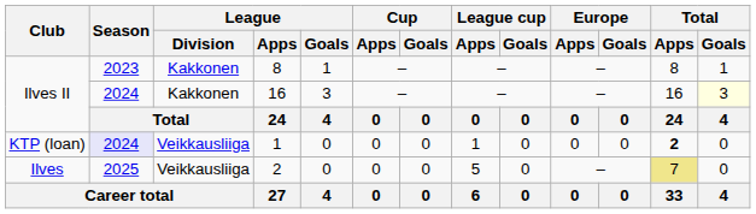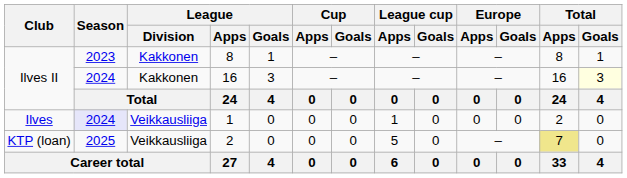 <table class="wikitable" style="text-align:center">
 <tr>
 <th rowspan="2">Club</th>
 <th rowspan="2">Season</th>
 <th colspan="3">League</th>
 <th colspan="2">Cup</th>
 <th colspan="2">League cup</th>
 <th colspan="2">Europe</th>
 <th colspan="2">Total</th>
 </tr>
 <tr>
 <th>Division</th>
 <th>Apps</th>
 <th>Goals</th>
 <th>Apps</th>
 <th>Goals</th>
 <th>Apps</th>
 <th>Goals</th>
 <th>Apps</th>
 <th>Goals</th>
 <th>Apps</th>
 <th>Goals</th>
 </tr>
 <tr>
 <td rowspan=3>Ilves II</td>
 <td><a href='#'>2023</a></td>
 <td><a href='#'>Kakkonen</a></td>
 <td>8</td>
 <td>1</td>
 <td colspan=2>–</td>
 <td colspan=2>–</td>
 <td colspan=2>–</td>
 <td>8</td>
 <td>1</td>
 </tr>
 <tr>
 <td><a href='#'>2024</a></td>
 <td>Kakkonen</td>
 <td>16</td>
 <td>3</td>
 <td colspan=2>–</td>
 <td colspan=2>–</td>
 <td colspan=2>–</td>
 <td>16</td>
 <td style="background: lightyellow;">3</td>
 </tr>
 <tr>
 <th colspan=2>Total</th>
 <th>24</th>
 <th>4</th>
 <th>0</th>
 <th>0</th>
 <th>0</th>
 <th>0</th>
 <th>0</th>
 <th>0</th>
 <th>24</th>
 <th>4</th>
 </tr>
 <tr>
-<td><a href='#'>KTP</a> (loan)</td>
+<td><a href='#'>Ilves</a></td>
 <td style="background: lavender;"><a href='#'>2024</a></td>
 <td><a href='#'>Veikkausliiga</a></td>
 <td>1</td>
 <td>0</td>
 <td>0</td>
 <td>0</td>
 <td>1</td>
 <td>0</td>
 <td>0</td>
 <td>0</td>
-<td><strong>2</strong></td>
+<td>2</td>
 <td>0</td>
 </tr>
 <tr>
-<td><a href='#'>Ilves</a></td>
+<td><a href='#'>KTP</a> (loan)</td>
 <td><a href='#'>2025</a></td>
 <td>Veikkausliiga</td>
 <td>2</td>
 <td>0</td>
 <td>0</td>
 <td>0</td>
 <td>5</td>
 <td>0</td>
 <td colspan=2>–</td>
 <td style="background: khaki;">7</td>
 <td>0</td>
 </tr>
 <tr>
 <th colspan="3">Career total</th>
 <th>27</th>
 <th>4</th>
 <th>0</th>
 <th>0</th>
 <th>6</th>
 <th>0</th>
 <th>0</th>
 <th>0</th>
 <th>33</th>
 <th>4</th>
 </tr>
 </table>
